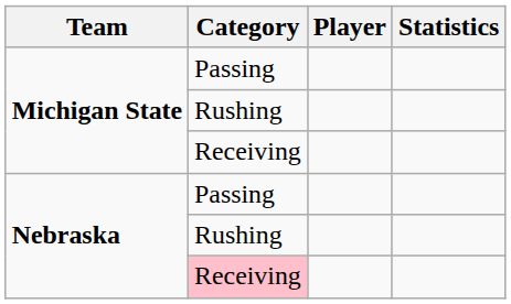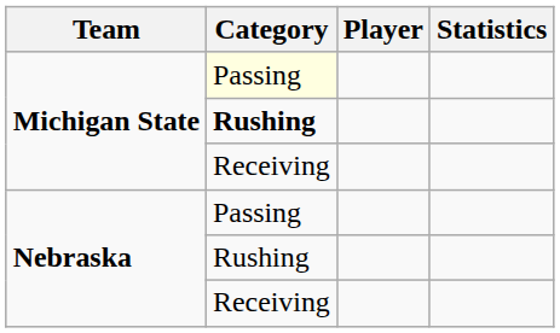 <table class="wikitable" style="float: right;">
 <tr>
 <th>Team</th>
 <th>Category</th>
 <th>Player</th>
 <th>Statistics</th>
 </tr>
 <tr>
 <td rowspan=3><strong>Michigan State</strong></td>
-<td>Passing</td>
+<td style="background: lightyellow;">Passing</td>
 <td></td>
 <td></td>
 </tr>
 <tr>
-<td>Rushing</td>
+<td><strong>Rushing</strong></td>
 <td></td>
 <td></td>
 </tr>
 <tr>
 <td>Receiving</td>
 <td></td>
 <td></td>
 </tr>
 <tr>
 <td rowspan=3><strong>Nebraska</strong></td>
 <td>Passing</td>
 <td></td>
 <td></td>
 </tr>
 <tr>
 <td>Rushing</td>
 <td></td>
 <td></td>
 </tr>
 <tr>
-<td style="background: pink;">Receiving</td>
+<td>Receiving</td>
 <td></td>
 <td></td>
 </tr>
 </table>
